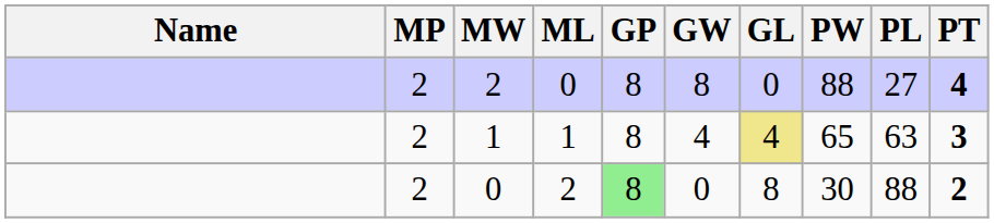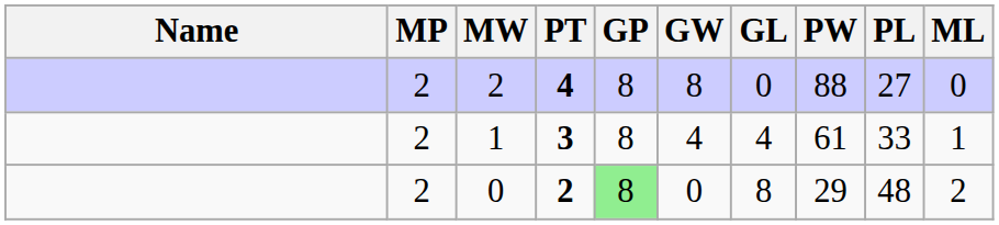 <table class=wikitable style="text-align:center">
 <tr>
 <th width=175>Name</th>
 <th width=20>MP</th>
 <th width=20>MW</th>
-<th width=20>ML</th>
+<th width=20>PT</th>
 <th width=20>GP</th>
 <th width=20>GW</th>
 <th width=20>GL</th>
 <th width=20>PW</th>
 <th width=20>PL</th>
-<th width=20>PT</th>
+<th width=20>ML</th>
 </tr>
 <tr style="background-color:#ccccff;">
 <td style="text-align:left;"><strong></strong></td>
 <td>2</td>
 <td>2</td>
-<td>0</td>
+<td><strong>4</strong></td>
 <td>8</td>
 <td>8</td>
 <td>0</td>
 <td>88</td>
 <td>27</td>
-<td><strong>4</strong></td>
+<td>0</td>
 </tr>
 <tr>
 <td style="text-align:left;"></td>
 <td>2</td>
 <td>1</td>
-<td>1</td>
+<td><strong>3</strong></td>
 <td>8</td>
 <td>4</td>
-<td style="background: khaki;">4</td>
-<td>65</td>
-<td>63</td>
-<td><strong>3</strong></td>
+<td>4</td>
+<td>61</td>
+<td>33</td>
+<td>1</td>
 </tr>
 <tr>
 <td style="text-align:left;"></td>
 <td>2</td>
 <td>0</td>
-<td>2</td>
+<td><strong>2</strong></td>
 <td style="background: lightgreen;">8</td>
 <td>0</td>
 <td>8</td>
-<td>30</td>
-<td>88</td>
-<td><strong>2</strong></td>
+<td>29</td>
+<td>48</td>
+<td>2</td>
 </tr>
 </table>
